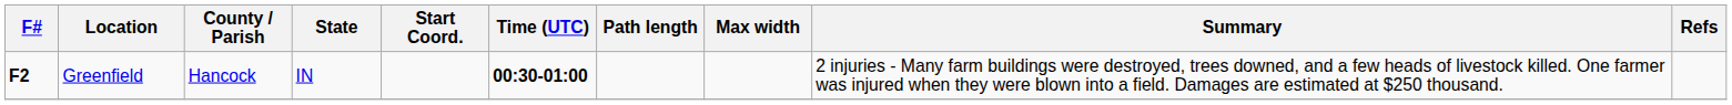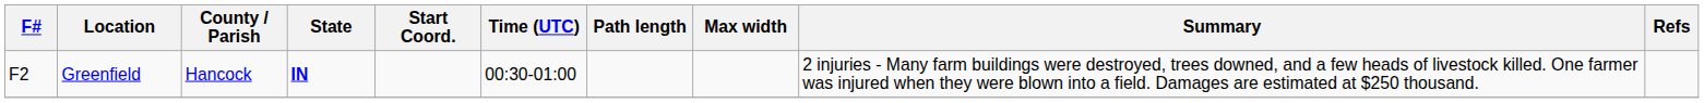 <table class="wikitable sortable" style="width:100%;">
 <tr>
 <th scope="col"  style="width:3%; text-align:center;"><a href='#'>F#</a></th>
 <th scope="col"  style="width:7%; text-align:center;" class="unsortable">Location</th>
 <th scope="col"  style="width:6%; text-align:center;" class="unsortable">County / Parish</th>
 <th scope="col"  style="width:5%; text-align:center;">State</th>
 <th scope="col"  style="width:6%; text-align:center;">Start Coord.</th>
 <th scope="col"  style="width:6%; text-align:center;">Time (<a href='#'>UTC</a>)</th>
 <th scope="col"  style="width:6%; text-align:center;">Path length</th>
 <th scope="col"  style="width:6%; text-align:center;">Max width</th>
 <th scope="col" class="unsortable" style="width:48%; text-align:center;">Summary</th>
 <th scope="col" class="unsortable" style="width:3%; text-align:center;">Refs</th>
 </tr>
 <tr>
-<td bgcolor=><strong>F2</strong></td>
+<td bgcolor=>F2</td>
 <td><a href='#'>Greenfield</a></td>
 <td><a href='#'>Hancock</a></td>
-<td><a href='#'>IN</a></td>
+<td><strong><a href='#'>IN</a></strong></td>
 <td></td>
-<td><strong>00:30-01:00</strong></td>
+<td>00:30-01:00</td>
 <td></td>
 <td></td>
 <td>2 injuries - Many farm buildings were destroyed, trees downed, and a few heads of livestock killed. One farmer was injured when they were blown into a field. Damages are estimated at $250 thousand.</td>
 <td></td>
 </tr>
 <tr>
 </tr>
 </table>
